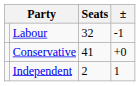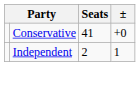 <table class="wikitable">
 <tr>
 <th colspan="2">Party</th>
 <th>Seats</th>
 <th>  ±  </th>
-</tr>
-<tr>
-<td style="background-color: "></td>
-<td><a href='#'>Labour</a></td>
-<td>32</td>
-<td>-1</td>
 </tr>
 <tr>
 <td style="background-color: "></td>
 <td><a href='#'>Conservative</a></td>
 <td>41</td>
 <td>+0</td>
 </tr>
 <tr>
 <td style="backgrouns-color: "></td>
 <td><a href='#'>Independent</a></td>
 <td>2</td>
 <td>1</td>
 </tr>
 </table>
